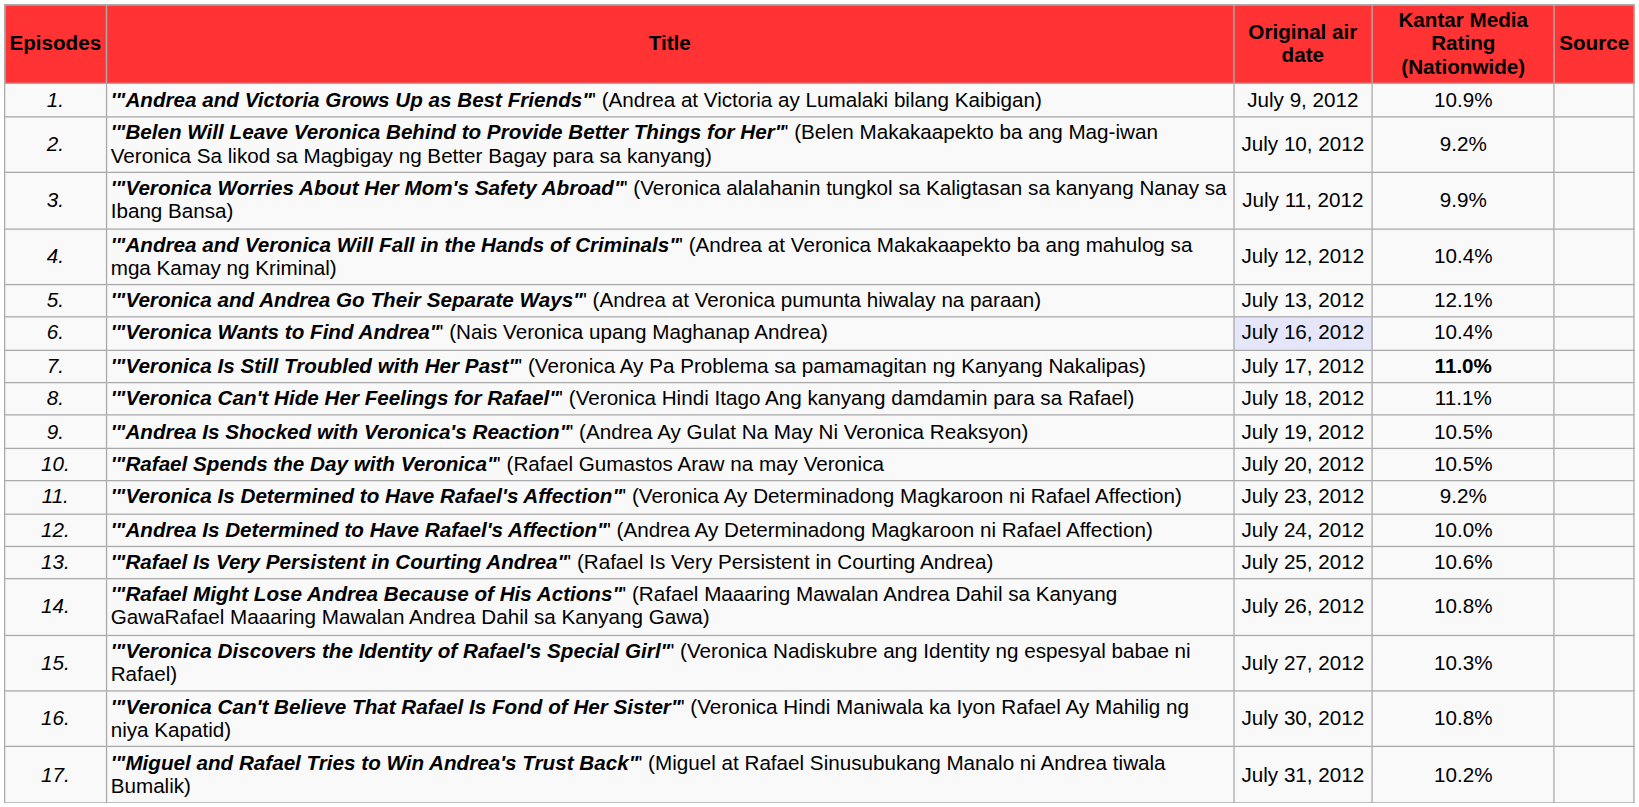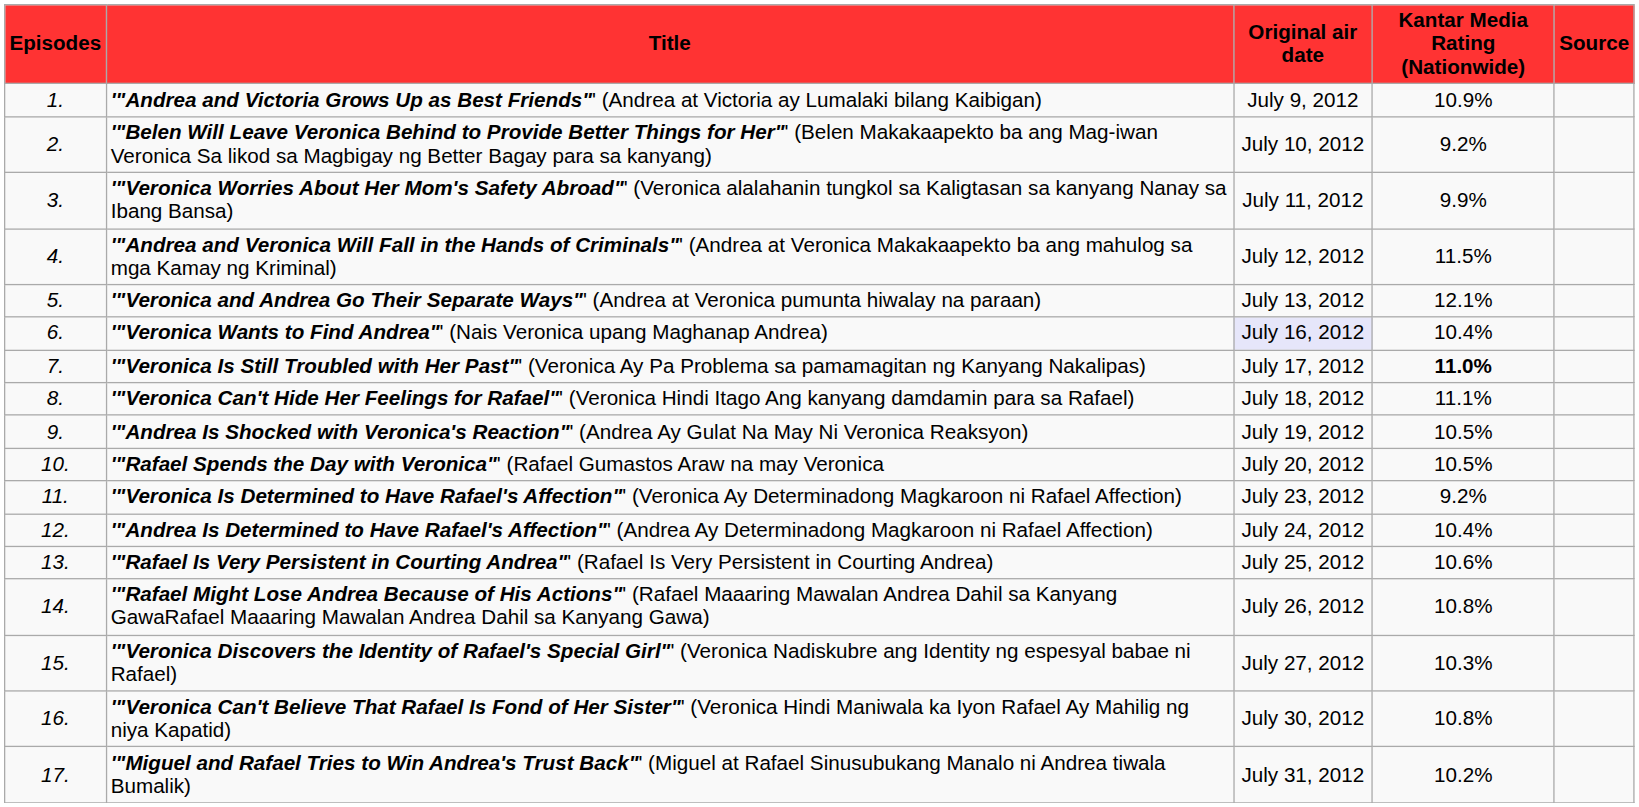 <table class="wikitable" style="text-align:center; font-size:100%; line-height:18px;" width="100%">
 <tr style="color:black;">
 <th style="background:#FF3333; color:#000000">Episodes</th>
 <th style="background:#FF3333; color:#000000">Title</th>
 <th style="background:#FF3333; color:#000000">Original air date</th>
 <th style="background:#FF3333; color:#000000">Kantar Media Rating <br> (Nationwide)</th>
 <th style="background:#FF3333; color:#000000">Source</th>
 </tr>
 <tr style="text-align: center">
 <td><em>1.</em></td>
 <td align="left"><strong><em>'"Andrea and Victoria Grows Up as Best Friends"</em></strong>' (Andrea at Victoria ay Lumalaki bilang Kaibigan)</td>
 <td>July 9, 2012</td>
 <td>10.9%</td>
 <td></td>
 </tr>
 <tr>
 <td><em>2.</em></td>
 <td align="left"><strong><em>'"Belen Will Leave Veronica Behind to Provide Better Things for Her"</em></strong>' (Belen Makakaapekto ba ang Mag-iwan Veronica Sa likod sa Magbigay ng Better Bagay para sa kanyang)</td>
 <td>July 10, 2012</td>
 <td>9.2%</td>
 <td></td>
 </tr>
 <tr>
 <td><em>3.</em></td>
 <td align="left"><strong><em>'"Veronica Worries About Her Mom's Safety Abroad"</em></strong>' (Veronica alalahanin tungkol sa Kaligtasan sa kanyang Nanay sa Ibang Bansa)</td>
 <td>July 11, 2012</td>
 <td>9.9%</td>
 <td></td>
 </tr>
 <tr>
 <td><em>4.</em></td>
 <td align="left"><strong><em>'"Andrea and Veronica Will Fall in the Hands of Criminals"</em></strong>' (Andrea at Veronica Makakaapekto ba ang mahulog sa mga Kamay ng Kriminal)</td>
 <td>July 12, 2012</td>
-<td>10.4%</td>
+<td>11.5%</td>
 <td></td>
 </tr>
 <tr>
 <td><em>5.</em></td>
 <td align="left"><strong><em>'"Veronica and Andrea Go Their Separate Ways"</em></strong>' (Andrea at Veronica pumunta hiwalay na paraan)</td>
 <td>July 13, 2012</td>
 <td>12.1%</td>
 <td></td>
 </tr>
 <tr>
 <td><em>6.</em></td>
 <td align="left"><strong><em>'"Veronica Wants to Find Andrea"</em></strong>' (Nais Veronica upang Maghanap Andrea)</td>
 <td style="background: lavender;">July 16, 2012</td>
 <td>10.4%</td>
 <td></td>
 </tr>
 <tr>
 <td><em>7.</em></td>
 <td align="left"><strong><em>'"Veronica Is Still Troubled with Her Past"</em></strong>' (Veronica Ay Pa Problema sa pamamagitan ng Kanyang Nakalipas)</td>
 <td>July 17, 2012</td>
 <td><strong>11.0%</strong></td>
 <td></td>
 </tr>
 <tr>
 <td><em>8.</em></td>
 <td align="left"><strong><em>'"Veronica Can't Hide Her Feelings for Rafael"</em></strong>' (Veronica Hindi Itago Ang kanyang damdamin para sa Rafael)</td>
 <td>July 18, 2012</td>
 <td>11.1%</td>
 <td></td>
 </tr>
 <tr>
 <td><em>9.</em></td>
 <td align="left"><strong><em>'"Andrea Is Shocked with Veronica's Reaction"</em></strong>' (Andrea Ay Gulat Na May Ni Veronica Reaksyon)</td>
 <td>July 19, 2012</td>
 <td>10.5%</td>
 <td></td>
 </tr>
 <tr>
 <td><em>10.</em></td>
 <td align="left"><strong><em>'"Rafael Spends the Day with Veronica"</em></strong>' (Rafael Gumastos Araw na may Veronica</td>
 <td>July 20, 2012</td>
 <td>10.5%</td>
 <td></td>
 </tr>
 <tr>
 <td><em>11.</em></td>
 <td align="left"><strong><em>'"Veronica Is Determined to Have Rafael's Affection"</em></strong>' (Veronica Ay Determinadong Magkaroon ni Rafael Affection)</td>
 <td>July 23, 2012</td>
 <td>9.2%</td>
 <td></td>
 </tr>
 <tr>
 <td><em>12.</em></td>
 <td align="left"><strong><em>'"Andrea Is Determined to Have Rafael's Affection"</em></strong>' (Andrea Ay Determinadong Magkaroon ni Rafael Affection)</td>
 <td>July 24, 2012</td>
-<td>10.0%</td>
+<td>10.4%</td>
 <td></td>
 </tr>
 <tr>
 <td><em>13.</em></td>
 <td align="left"><strong><em>'"Rafael Is Very Persistent in Courting Andrea"</em></strong>' (Rafael Is Very Persistent in Courting Andrea)</td>
 <td>July 25, 2012</td>
 <td>10.6%</td>
 <td></td>
 </tr>
 <tr>
 <td><em>14.</em></td>
 <td align="left"><strong><em>'"Rafael Might Lose Andrea Because of His Actions"</em></strong>' (Rafael Maaaring Mawalan Andrea Dahil sa Kanyang GawaRafael Maaaring Mawalan Andrea Dahil sa Kanyang Gawa)</td>
 <td>July 26, 2012</td>
 <td>10.8%</td>
 <td></td>
 </tr>
 <tr>
 <td><em>15.</em></td>
 <td align="left"><strong><em>'"Veronica Discovers the Identity of Rafael's Special Girl"</em></strong>' (Veronica Nadiskubre ang Identity ng espesyal babae ni Rafael)</td>
 <td>July 27, 2012</td>
 <td>10.3%</td>
 <td></td>
 </tr>
 <tr>
 <td><em>16.</em></td>
 <td align="left"><strong><em>'"Veronica Can't Believe That Rafael Is Fond of Her Sister"</em></strong>' (Veronica Hindi Maniwala ka Iyon Rafael Ay Mahilig ng niya Kapatid)</td>
 <td>July 30, 2012</td>
 <td>10.8%</td>
 <td></td>
 </tr>
 <tr>
 <td><em>17.</em></td>
 <td align="left"><strong><em>'"Miguel and Rafael Tries to Win Andrea's Trust Back"</em></strong>' (Miguel at Rafael Sinusubukang Manalo ni Andrea tiwala Bumalik)</td>
 <td>July 31, 2012</td>
 <td>10.2%</td>
 <td></td>
 </tr>
 <tr>
 </tr>
 </table>
